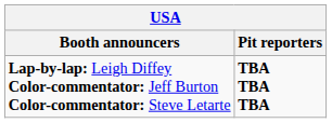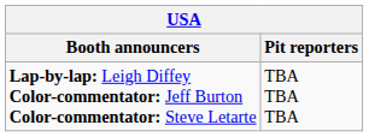 <table class="wikitable" style="font-size: 95%">
 <tr>
 <th colspan="2"><a href='#'>USA</a></th>
 </tr>
 <tr>
 <th>Booth announcers</th>
 <th>Pit reporters</th>
 </tr>
 <tr>
 <td><strong>Lap-by-lap:</strong> <a href='#'>Leigh Diffey</a><br><strong>Color-commentator:</strong> <a href='#'>Jeff Burton</a><br><strong>Color-commentator:</strong> <a href='#'>Steve Letarte</a></td>
-<td><strong>TBA<br>TBA<br>TBA</strong></td>
+<td>TBA<br>TBA<br>TBA</td>
 </tr>
 </table>
